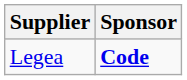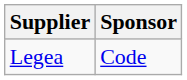 <table class="wikitable">
 <tr>
 <th>Supplier</th>
 <th>Sponsor</th>
 </tr>
 <tr>
 <td> <a href='#'>Legea</a></td>
-<td><strong> <a href='#'>Code</a></strong></td>
+<td> <a href='#'>Code</a></td>
 </tr>
 </table>
